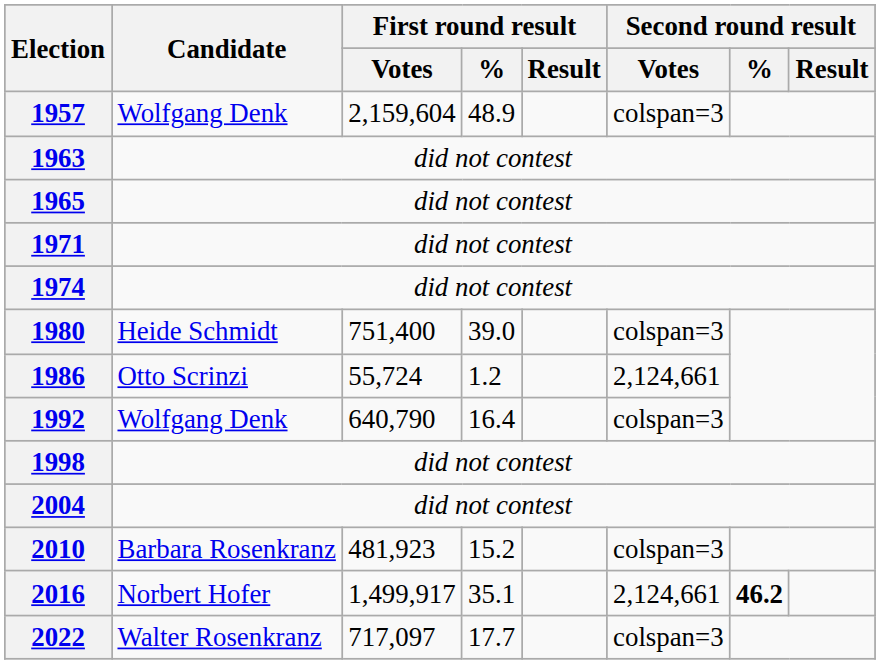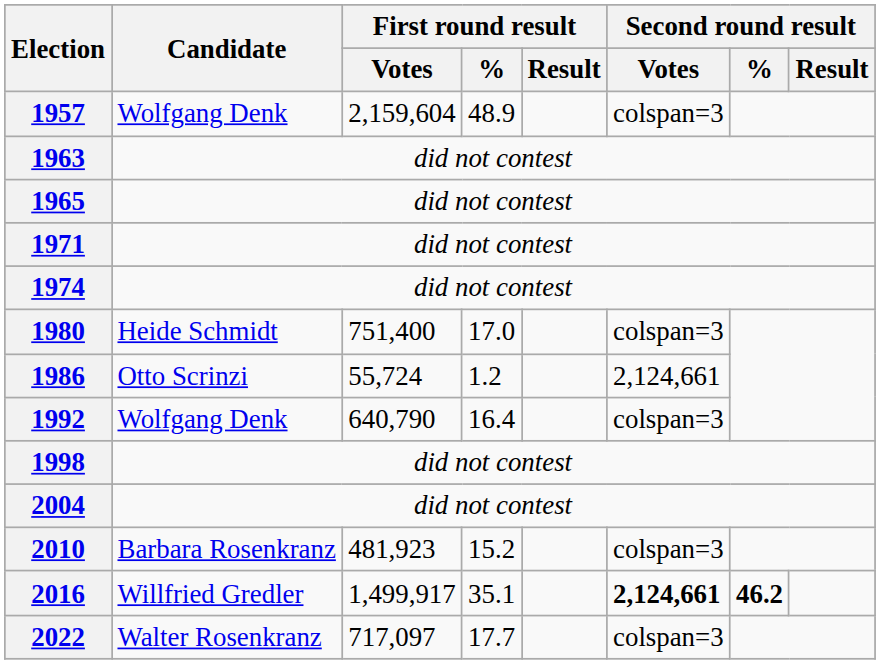 <table class="wikitable" style="font-size:97%;">
 <tr>
 <th rowspan="2">Election</th>
 <th rowspan="2">Candidate</th>
 <th colspan=3>First round result</th>
 <th colspan=3>Second round result</th>
 </tr>
 <tr>
 <th>Votes</th>
 <th>%</th>
 <th>Result</th>
 <th>Votes</th>
 <th>%</th>
 <th>Result</th>
 </tr>
 <tr>
 <th><a href='#'>1957</a></th>
 <td><a href='#'>Wolfgang Denk</a></td>
 <td>2,159,604</td>
 <td>48.9</td>
 <td></td>
 <td>colspan=3 </td>
 </tr>
 <tr>
 <th><a href='#'>1963</a></th>
 <td colspan=7 align="center"><em>did not contest</em></td>
 </tr>
 <tr>
 <th><a href='#'>1965</a></th>
 <td colspan=7 align="center"><em>did not contest</em></td>
 </tr>
 <tr>
 <th><a href='#'>1971</a></th>
 <td colspan=7 align="center"><em>did not contest</em></td>
 </tr>
 <tr>
 <th><a href='#'>1974</a></th>
 <td colspan=7 align="center"><em>did not contest</em></td>
 </tr>
 <tr>
 <th><a href='#'>1980</a></th>
 <td><a href='#'>Heide Schmidt</a></td>
 <td>751,400</td>
-<td>39.0</td>
+<td>17.0</td>
 <td></td>
 <td>colspan=3 </td>
 </tr>
 <tr>
 <th><a href='#'>1986</a></th>
 <td><a href='#'>Otto Scrinzi</a></td>
 <td>55,724</td>
 <td>1.2</td>
 <td></td>
 <td>2,124,661</td>
 </tr>
 <tr>
 <th><a href='#'>1992</a></th>
 <td><a href='#'>Wolfgang Denk</a></td>
 <td>640,790</td>
 <td>16.4</td>
 <td></td>
 <td>colspan=3 </td>
 </tr>
 <tr>
 <th><a href='#'>1998</a></th>
 <td colspan=7 align="center"><em>did not contest</em></td>
 </tr>
 <tr>
 <th><a href='#'>2004</a></th>
 <td colspan=7 align="center"><em>did not contest</em></td>
 </tr>
 <tr>
 <th><a href='#'>2010</a></th>
 <td><a href='#'>Barbara Rosenkranz</a></td>
 <td>481,923</td>
 <td>15.2</td>
 <td></td>
 <td>colspan=3 </td>
 </tr>
 <tr>
 <th><a href='#'>2016</a></th>
-<td><a href='#'>Norbert Hofer</a></td>
+<td><a href='#'>Willfried Gredler</a></td>
 <td>1,499,917</td>
 <td>35.1</td>
 <td></td>
-<td>2,124,661</td>
+<td><strong>2,124,661</strong></td>
 <td><strong>46.2</strong></td>
 <td></td>
 </tr>
 <tr>
 <th><a href='#'>2022</a></th>
 <td><a href='#'>Walter Rosenkranz</a></td>
 <td>717,097</td>
 <td>17.7</td>
 <td></td>
 <td>colspan=3 </td>
 </tr>
 </table>
